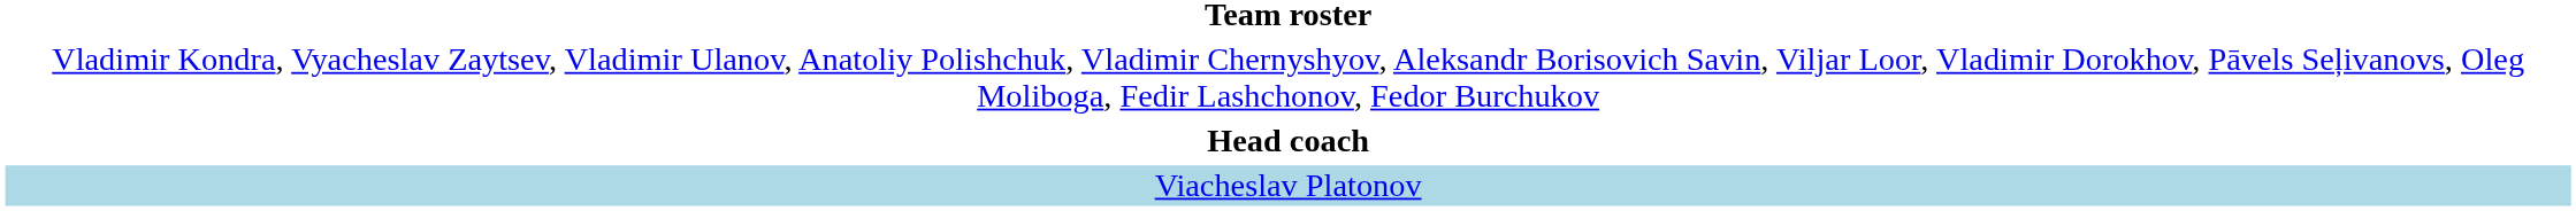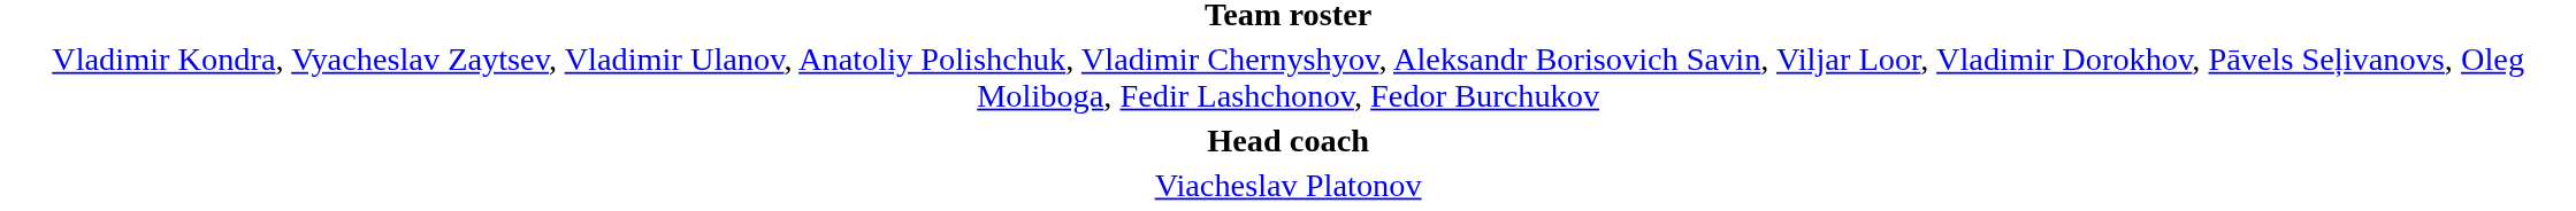 <table style="text-align:center; margin-top:2em; margin-left:auto; margin-right:auto">
 <tr>
 <td><strong>Team roster</strong></td>
 </tr>
 <tr>
 <td><a href='#'>Vladimir Kondra</a>, <a href='#'>Vyacheslav Zaytsev</a>, <a href='#'>Vladimir Ulanov</a>, <a href='#'>Anatoliy Polishchuk</a>, <a href='#'>Vladimir Chernyshyov</a>, <a href='#'>Aleksandr Borisovich Savin</a>, <a href='#'>Viljar Loor</a>, <a href='#'>Vladimir Dorokhov</a>, <a href='#'>Pāvels Seļivanovs</a>, <a href='#'>Oleg Moliboga</a>, <a href='#'>Fedir Lashchonov</a>, <a href='#'>Fedor Burchukov</a></td>
 </tr>
 <tr>
 <td><strong>Head coach</strong></td>
 </tr>
 <tr>
-<td style="background: lightblue;"><a href='#'>Viacheslav Platonov</a></td>
+<td><a href='#'>Viacheslav Platonov</a></td>
 </tr>
 <tr>
 </tr>
 </table>
